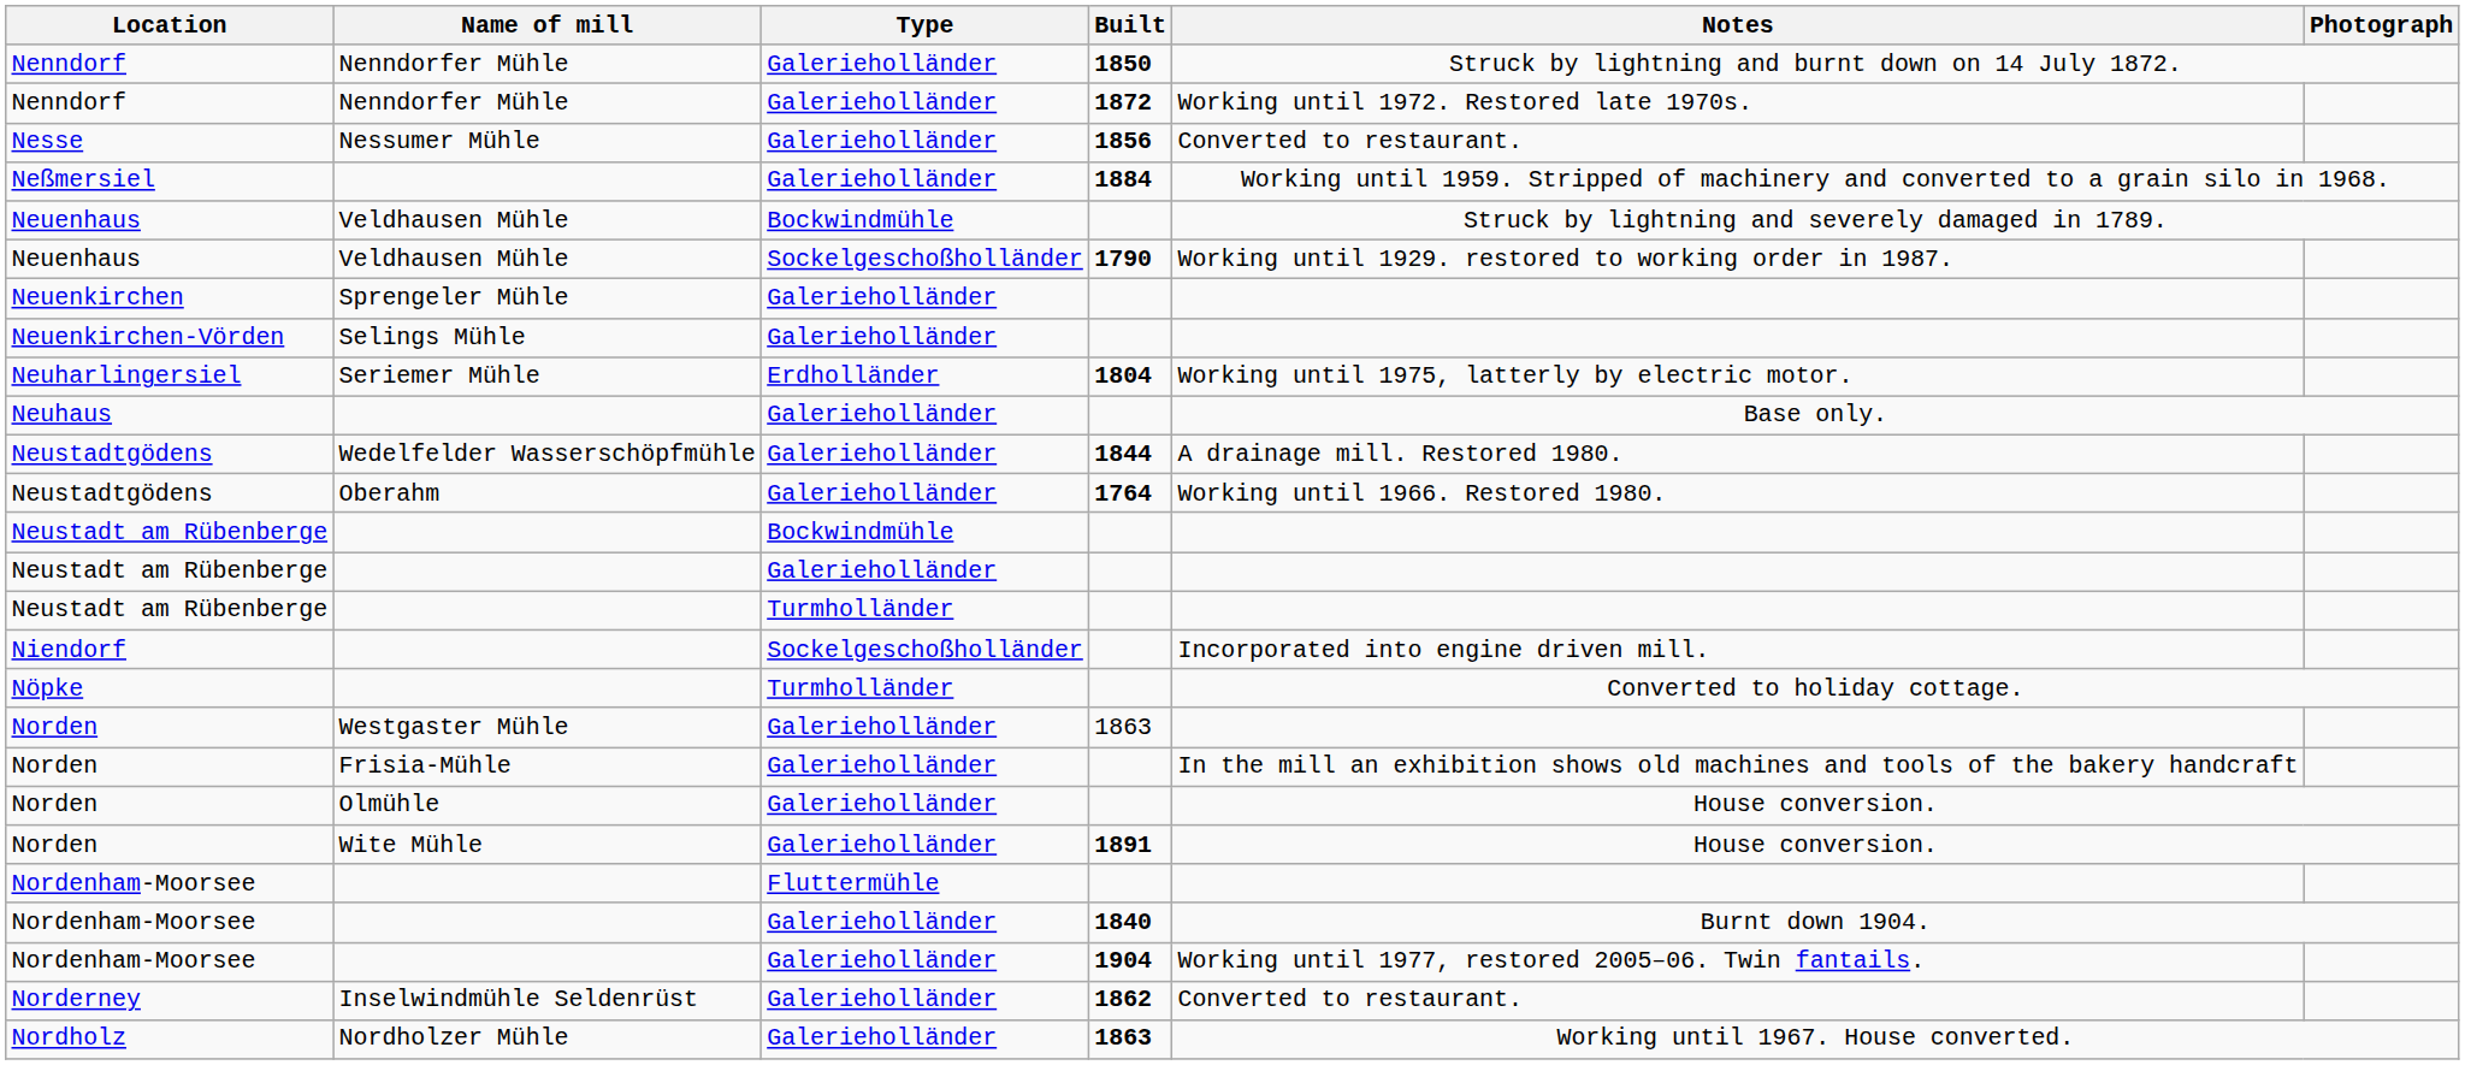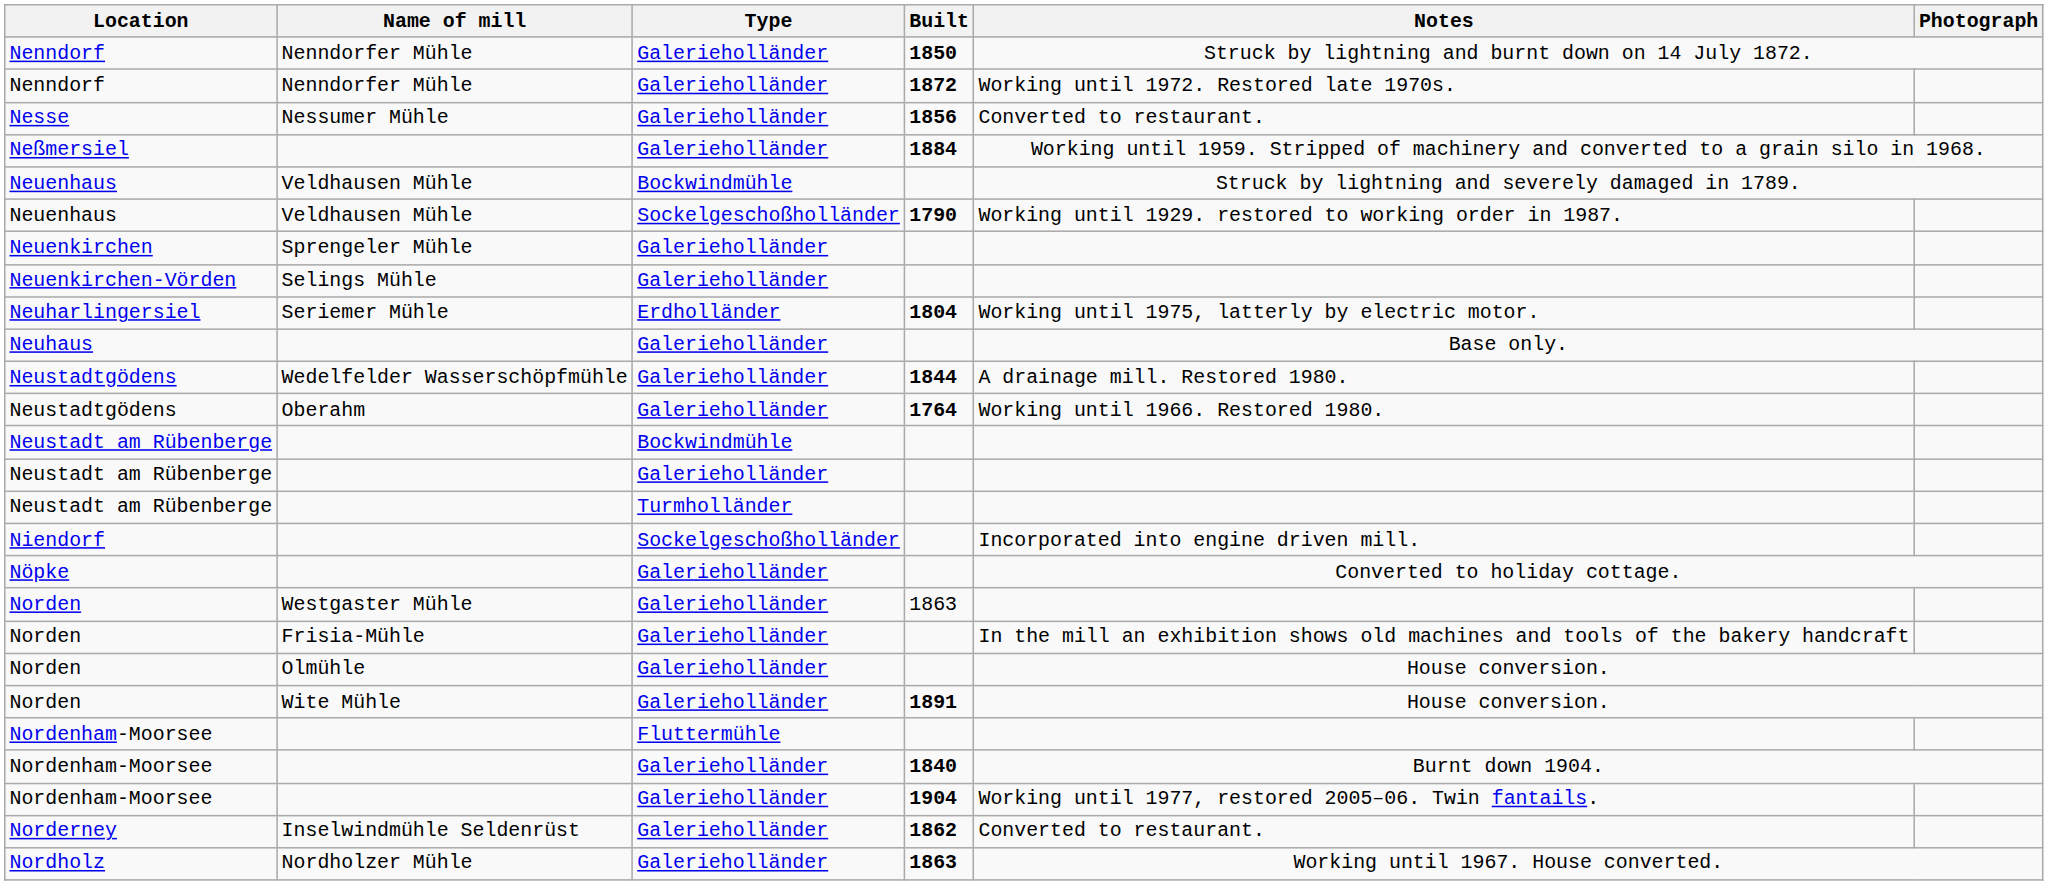 <table class="wikitable sortable">
 <tr>
 <th>Location</th>
 <th>Name of mill</th>
 <th>Type</th>
 <th>Built</th>
 <th class="unsortable">Notes</th>
 <th class="unsortable">Photograph</th>
 </tr>
 <tr>
 <td><a href='#'>Nenndorf</a></td>
 <td>Nenndorfer Mühle</td>
 <td><a href='#'>Galerieholländer</a></td>
 <td><strong>1850</strong></td>
 <td colspan="2" style="text-align:center;">Struck by lightning and burnt down on 14 July 1872.</td>
 </tr>
 <tr>
 <td>Nenndorf</td>
 <td>Nenndorfer Mühle</td>
 <td><a href='#'>Galerieholländer</a></td>
 <td><strong>1872</strong></td>
 <td>Working until 1972. Restored late 1970s.</td>
 <td></td>
 </tr>
 <tr>
 <td><a href='#'>Nesse</a></td>
 <td>Nessumer Mühle</td>
 <td><a href='#'>Galerieholländer</a></td>
 <td><strong>1856</strong></td>
 <td>Converted to restaurant.</td>
 <td></td>
 </tr>
 <tr>
 <td><a href='#'>Neßmersiel</a></td>
 <td></td>
 <td><a href='#'>Galerieholländer</a></td>
 <td><strong>1884</strong></td>
 <td colspan="2" style="text-align:center;">Working until 1959. Stripped of machinery and converted to a grain silo in 1968.</td>
 </tr>
 <tr>
 <td><a href='#'>Neuenhaus</a></td>
 <td>Veldhausen Mühle</td>
 <td><a href='#'>Bockwindmühle</a></td>
 <td></td>
 <td colspan="2" style="text-align:center;">Struck by lightning and severely damaged in 1789.</td>
 </tr>
 <tr>
 <td>Neuenhaus</td>
 <td>Veldhausen Mühle</td>
 <td><a href='#'>Sockelgeschoß­holländer</a></td>
 <td><strong>1790</strong></td>
 <td>Working until 1929. restored to working order in 1987.</td>
 <td></td>
 </tr>
 <tr>
 <td><a href='#'>Neuenkirchen</a></td>
 <td>Sprengeler Mühle</td>
 <td><a href='#'>Galerieholländer</a></td>
 <td></td>
 <td></td>
 <td></td>
 </tr>
 <tr>
 <td><a href='#'>Neuenkirchen-Vörden</a></td>
 <td>Selings Mühle</td>
 <td><a href='#'>Galerieholländer</a></td>
 <td></td>
 <td></td>
 <td></td>
 </tr>
 <tr>
 <td><a href='#'>Neuharlingersiel</a></td>
 <td>Seriemer Mühle</td>
 <td><a href='#'>Erdholländer</a></td>
 <td><strong>1804</strong></td>
 <td>Working until 1975, latterly by electric motor.</td>
 <td></td>
 </tr>
 <tr>
 <td><a href='#'>Neuhaus</a></td>
 <td></td>
 <td><a href='#'>Galerieholländer</a></td>
 <td></td>
 <td colspan="2" style="text-align:center;">Base only.</td>
 </tr>
 <tr>
 <td><a href='#'>Neustadtgödens</a></td>
 <td>Wedelfelder Wasserschöpfmühle</td>
 <td><a href='#'>Galerieholländer</a></td>
 <td><strong>1844</strong></td>
 <td>A drainage mill. Restored 1980.</td>
 <td></td>
 </tr>
 <tr>
 <td>Neustadtgödens</td>
 <td>Oberahm</td>
 <td><a href='#'>Galerieholländer</a></td>
 <td><strong>1764</strong></td>
 <td>Working until 1966. Restored 1980.</td>
 <td></td>
 </tr>
 <tr>
 <td><a href='#'>Neustadt am Rübenberge</a></td>
 <td></td>
 <td><a href='#'>Bockwindmühle</a></td>
 <td></td>
 <td></td>
 <td></td>
 </tr>
 <tr>
 <td>Neustadt am Rübenberge</td>
 <td></td>
 <td><a href='#'>Galerieholländer</a></td>
 <td></td>
 <td></td>
 <td></td>
 </tr>
 <tr>
 <td>Neustadt am Rübenberge</td>
 <td></td>
 <td><a href='#'>Turmholländer</a></td>
 <td></td>
 <td></td>
 <td></td>
 </tr>
 <tr>
 <td><a href='#'>Niendorf</a></td>
 <td></td>
 <td><a href='#'>Sockelgeschoß­holländer</a></td>
 <td></td>
 <td>Incorporated into engine driven mill.</td>
 <td></td>
 </tr>
 <tr>
 <td><a href='#'>Nöpke</a></td>
 <td></td>
-<td><a href='#'>Turmholländer</a></td>
+<td><a href='#'>Galerieholländer</a></td>
 <td></td>
 <td colspan="2" style="text-align:center;">Converted to holiday cottage.</td>
 </tr>
 <tr>
 <td><a href='#'>Norden</a></td>
 <td>Westgaster Mühle</td>
 <td><a href='#'>Galerieholländer</a></td>
 <td>1863</td>
 <td></td>
 <td></td>
 </tr>
 <tr>
 <td>Norden</td>
 <td>Frisia-Mühle</td>
 <td><a href='#'>Galerieholländer</a></td>
 <td></td>
 <td>In the mill an exhibition shows old machines and tools of the bakery handcraft</td>
 <td></td>
 </tr>
 <tr>
 <td>Norden</td>
 <td>Olmühle</td>
 <td><a href='#'>Galerieholländer</a></td>
 <td></td>
 <td colspan="2" style="text-align:center;">House conversion.</td>
 </tr>
 <tr>
 <td>Norden</td>
 <td>Wite Mühle</td>
 <td><a href='#'>Galerieholländer</a></td>
 <td><strong>1891</strong></td>
 <td colspan="2" style="text-align:center;">House conversion.</td>
 </tr>
 <tr>
 <td><a href='#'>Nordenham</a>-Moorsee</td>
 <td></td>
 <td><a href='#'>Fluttermühle</a></td>
 <td></td>
 <td></td>
 <td></td>
 </tr>
 <tr>
 <td>Nordenham-Moorsee</td>
 <td></td>
 <td><a href='#'>Galerieholländer</a></td>
 <td><strong>1840</strong></td>
 <td colspan="2" style="text-align:center;">Burnt down 1904.</td>
 </tr>
 <tr>
 <td>Nordenham-Moorsee</td>
 <td></td>
 <td><a href='#'>Galerieholländer</a></td>
 <td><strong>1904</strong></td>
 <td>Working until 1977, restored 2005–06. Twin <a href='#'>fantails</a>.</td>
 <td></td>
 </tr>
 <tr>
 <td><a href='#'>Norderney</a></td>
 <td>Inselwindmühle Seldenrüst</td>
 <td><a href='#'>Galerieholländer</a></td>
 <td><strong>1862</strong></td>
 <td>Converted to restaurant.</td>
 <td></td>
 </tr>
 <tr>
 <td><a href='#'>Nordholz</a></td>
 <td>Nordholzer Mühle</td>
 <td><a href='#'>Galerieholländer</a></td>
 <td><strong>1863</strong></td>
 <td colspan="2" style="text-align:center;">Working until 1967. House converted.</td>
 </tr>
 </table>
